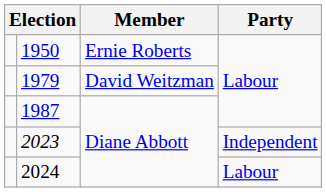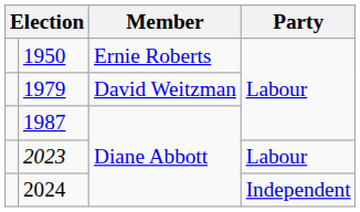 <table class="wikitable">
 <tr>
 <th colspan="2">Election</th>
 <th>Member</th>
 <th>Party</th>
 </tr>
 <tr>
 <td style="color:inherit;background-color: "></td>
 <td><a href='#'>1950</a></td>
 <td><a href='#'>Ernie Roberts</a></td>
 <td rowspan="3"><a href='#'>Labour</a></td>
 </tr>
 <tr>
 <td style="color:inherit;background-color: "></td>
 <td><a href='#'>1979</a></td>
 <td><a href='#'>David Weitzman</a></td>
 </tr>
 <tr>
 <td style="color:inherit;background-color: "></td>
 <td><a href='#'>1987</a></td>
 <td rowspan="3"><a href='#'>Diane Abbott</a></td>
 </tr>
 <tr>
 <td style="color:inherit;background-color: "></td>
 <td><em>2023</em></td>
-<td><a href='#'>Independent</a></td>
+<td><a href='#'>Labour</a></td>
 </tr>
 <tr>
 <td style="color:inherit;background-color: "></td>
 <td>2024</td>
-<td><a href='#'>Labour</a></td>
+<td><a href='#'>Independent</a></td>
 </tr>
 </table>
